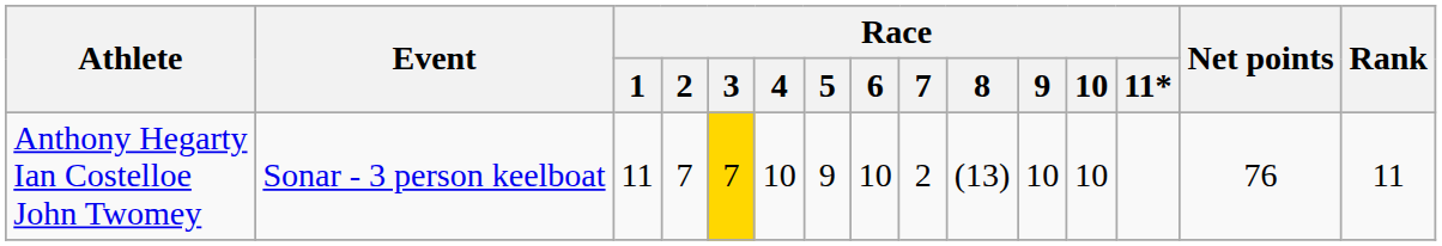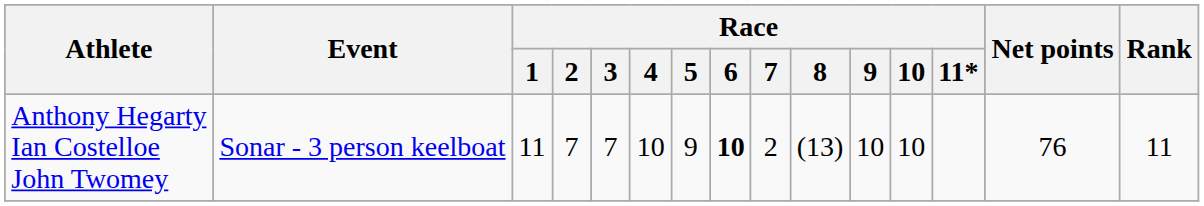 <table class=wikitable>
 <tr>
 <th rowspan="2">Athlete</th>
 <th rowspan="2">Event</th>
 <th colspan="11">Race</th>
 <th rowspan="2">Net points</th>
 <th rowspan="2">Rank</th>
 </tr>
 <tr>
 <th width="15">1</th>
 <th width="15">2</th>
 <th width="15">3</th>
 <th width="15">4</th>
 <th width="15">5</th>
 <th width="15">6</th>
 <th width="15">7</th>
 <th width="15">8</th>
 <th width="15">9</th>
 <th width="15">10</th>
 <th width="15">11*</th>
 </tr>
 <tr align="center">
 <td align=left><a href='#'>Anthony Hegarty</a><br> <a href='#'>Ian Costelloe</a><br> <a href='#'>John Twomey</a></td>
 <td align=left><a href='#'>Sonar - 3 person keelboat</a></td>
 <td>11</td>
 <td>7</td>
-<td style="background: gold;">7</td>
+<td>7</td>
 <td>10</td>
 <td>9</td>
-<td>10</td>
+<td><strong>10</strong></td>
 <td>2</td>
 <td>(13)</td>
 <td>10</td>
 <td>10</td>
 <td></td>
 <td>76</td>
 <td>11</td>
 </tr>
 </table>
